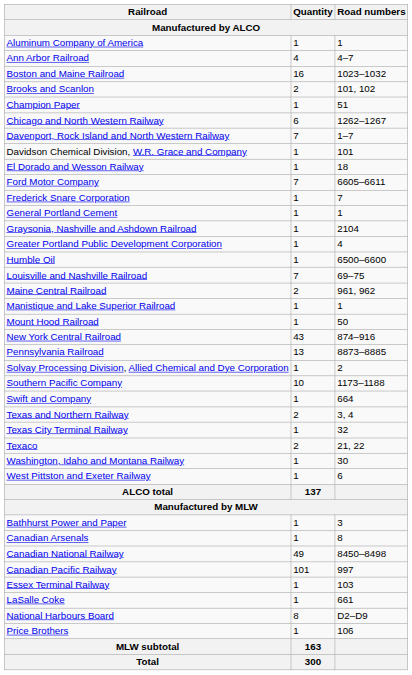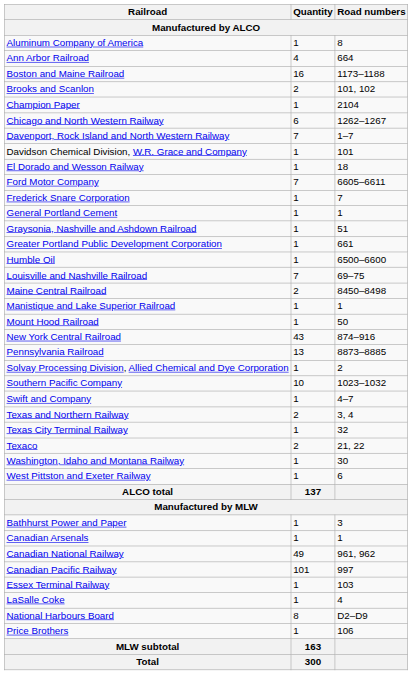 <table class="wikitable">
 <tr>
 <th>Railroad</th>
 <th>Quantity</th>
 <th>Road numbers</th>
 </tr>
 <tr>
 <th colspan="3">Manufactured by ALCO</th>
 </tr>
 <tr>
 <td><a href='#'>Aluminum Company of America</a></td>
 <td>1</td>
-<td>1</td>
+<td>8</td>
 </tr>
 <tr>
 <td><a href='#'>Ann Arbor Railroad</a></td>
 <td>4</td>
-<td>4–7</td>
+<td>664</td>
 </tr>
 <tr>
 <td><a href='#'>Boston and Maine Railroad</a></td>
 <td>16</td>
-<td>1023–1032</td>
+<td>1173–1188</td>
 </tr>
 <tr>
 <td><a href='#'>Brooks and Scanlon</a></td>
 <td>2</td>
 <td>101, 102</td>
 </tr>
 <tr>
 <td><a href='#'>Champion Paper</a></td>
 <td>1</td>
-<td>51</td>
+<td>2104</td>
 </tr>
 <tr>
 <td><a href='#'>Chicago and North Western Railway</a></td>
 <td>6</td>
 <td>1262–1267</td>
 </tr>
 <tr>
 <td><a href='#'>Davenport, Rock Island and North Western Railway</a></td>
 <td>7</td>
 <td>1–7</td>
 </tr>
 <tr>
 <td>Davidson Chemical Division, <a href='#'>W.R. Grace and Company</a></td>
 <td>1</td>
 <td>101</td>
 </tr>
 <tr>
 <td><a href='#'>El Dorado and Wesson Railway</a></td>
 <td>1</td>
 <td>18</td>
 </tr>
 <tr>
 <td><a href='#'>Ford Motor Company</a></td>
 <td>7</td>
 <td>6605–6611</td>
 </tr>
 <tr>
 <td><a href='#'>Frederick Snare Corporation</a></td>
 <td>1</td>
 <td>7</td>
 </tr>
 <tr>
 <td><a href='#'>General Portland Cement</a></td>
 <td>1</td>
 <td>1</td>
 </tr>
 <tr>
 <td><a href='#'>Graysonia, Nashville and Ashdown Railroad</a></td>
 <td>1</td>
-<td>2104</td>
+<td>51</td>
 </tr>
 <tr>
 <td><a href='#'>Greater Portland Public Development Corporation</a></td>
 <td>1</td>
-<td>4</td>
+<td>661</td>
 </tr>
 <tr>
 <td><a href='#'>Humble Oil</a></td>
 <td>1</td>
 <td>6500–6600</td>
 </tr>
 <tr>
 <td><a href='#'>Louisville and Nashville Railroad</a></td>
 <td>7</td>
 <td>69–75</td>
 </tr>
 <tr>
 <td><a href='#'>Maine Central Railroad</a></td>
 <td>2</td>
-<td>961, 962</td>
+<td>8450–8498</td>
 </tr>
 <tr>
 <td><a href='#'>Manistique and Lake Superior Railroad</a></td>
 <td>1</td>
 <td>1</td>
 </tr>
 <tr>
 <td><a href='#'>Mount Hood Railroad</a></td>
 <td>1</td>
 <td>50</td>
 </tr>
 <tr>
 <td><a href='#'>New York Central Railroad</a></td>
 <td>43</td>
 <td>874–916</td>
 </tr>
 <tr>
 <td><a href='#'>Pennsylvania Railroad</a></td>
 <td>13</td>
 <td>8873–8885</td>
 </tr>
 <tr>
 <td><a href='#'>Solvay Processing Division</a>, <a href='#'>Allied Chemical and Dye Corporation</a></td>
 <td>1</td>
 <td>2</td>
 </tr>
 <tr>
 <td><a href='#'>Southern Pacific Company</a></td>
 <td>10</td>
-<td>1173–1188</td>
+<td>1023–1032</td>
 </tr>
 <tr>
 <td><a href='#'>Swift and Company</a></td>
 <td>1</td>
-<td>664</td>
+<td>4–7</td>
 </tr>
 <tr>
 <td><a href='#'>Texas and Northern Railway</a></td>
 <td>2</td>
 <td>3, 4</td>
 </tr>
 <tr>
 <td><a href='#'>Texas City Terminal Railway</a></td>
 <td>1</td>
 <td>32</td>
 </tr>
 <tr>
 <td><a href='#'>Texaco</a></td>
 <td>2</td>
 <td>21, 22</td>
 </tr>
 <tr>
 <td><a href='#'>Washington, Idaho and Montana Railway</a></td>
 <td>1</td>
 <td>30</td>
 </tr>
 <tr>
 <td><a href='#'>West Pittston and Exeter Railway</a></td>
 <td>1</td>
 <td>6</td>
 </tr>
 <tr>
 <th>ALCO total</th>
 <th>137</th>
 <th></th>
 </tr>
 <tr>
 <th colspan="3" !>Manufactured by MLW</th>
 </tr>
 <tr>
 <td><a href='#'>Bathhurst Power and Paper</a></td>
 <td>1</td>
 <td>3</td>
 </tr>
 <tr>
 <td><a href='#'>Canadian Arsenals</a></td>
 <td>1</td>
-<td>8</td>
+<td>1</td>
 </tr>
 <tr>
 <td><a href='#'>Canadian National Railway</a></td>
 <td>49</td>
-<td>8450–8498</td>
+<td>961, 962</td>
 </tr>
 <tr>
 <td><a href='#'>Canadian Pacific Railway</a></td>
 <td>101</td>
 <td>997</td>
 </tr>
 <tr>
 <td><a href='#'>Essex Terminal Railway</a></td>
 <td>1</td>
 <td>103</td>
 </tr>
 <tr>
 <td><a href='#'>LaSalle Coke</a></td>
 <td>1</td>
-<td>661</td>
+<td>4</td>
 </tr>
 <tr>
 <td><a href='#'>National Harbours Board</a></td>
 <td>8</td>
 <td>D2–D9</td>
 </tr>
 <tr>
 <td><a href='#'>Price Brothers</a></td>
 <td>1</td>
 <td>106</td>
 </tr>
 <tr>
 <th>MLW subtotal</th>
 <th>163</th>
 <th></th>
 </tr>
 <tr>
 <th>Total</th>
 <th>300</th>
 <th></th>
 </tr>
 </table>
